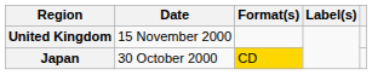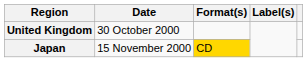 <table class="wikitable plainrowheaders">
 <tr>
 <th scope="col">Region</th>
 <th scope="col">Date</th>
 <th scope="col">Format(s)</th>
 <th scope="col">Label(s)</th>
 <th scope="col"></th>
 </tr>
 <tr>
 <th scope="row">United Kingdom</th>
-<td>15 November 2000</td>
+<td>30 October 2000</td>
 <td></td>
 <td rowspan="2"></td>
 <td></td>
 </tr>
 <tr>
 <th scope="row">Japan</th>
-<td>30 October 2000</td>
+<td>15 November 2000</td>
 <td style="background: gold;">CD</td>
 <td></td>
 </tr>
 </table>
